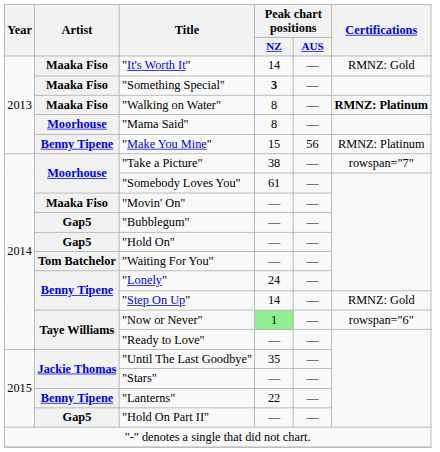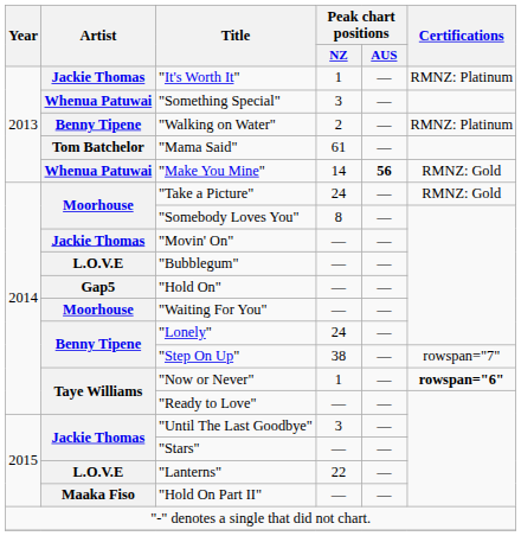 <table class="wikitable plainrowheaders" style="text-align:center;">
 <tr>
 <th scope="col" rowspan="2">Year</th>
 <th scope="col" rowspan="2">Artist</th>
 <th scope="col" rowspan="2">Title</th>
 <th scope="col" colspan="2">Peak chart positions</th>
 <th scope="col" rowspan="2"><a href='#'>Certifications</a></th>
 </tr>
 <tr>
 <th scope="col" style="width:3em;font-size:90%;"><a href='#'>NZ</a><br></th>
 <th scope="col" style="width:3em;font-size:90%;"><a href='#'>AUS</a><br></th>
 </tr>
 <tr>
 <td rowspan="5">2013</td>
-<th scope="row">Maaka Fiso</th>
+<th scope="row"><a href='#'>Jackie Thomas</a></th>
 <td style="text-align:left;">"<a href='#'>It's Worth It</a>"</td>
-<td>14</td>
+<td>1</td>
 <td align="center">—</td>
-<td>RMNZ: Gold</td>
+<td>RMNZ: Platinum</td>
 </tr>
 <tr>
-<th scope="row">Maaka Fiso</th>
+<th scope="row"><a href='#'>Whenua Patuwai</a></th>
 <td style="text-align:left;">"Something Special"</td>
-<td><strong>3</strong></td>
-<td align="center">—</td>
-<td></td>
-</tr>
-<tr>
-<th scope="row">Maaka Fiso</th>
-<td style="text-align:left;">"Walking on Water"</td>
-<td>8</td>
-<td align="center">—</td>
-<td><strong>RMNZ: Platinum</strong></td>
-</tr>
-<tr>
-<th scope="row"><a href='#'>Moorhouse</a></th>
-<td style="text-align:left;">"Mama Said"</td>
-<td>8</td>
+<td>3</td>
 <td align="center">—</td>
 <td></td>
 </tr>
 <tr>
 <th scope="row"><a href='#'>Benny Tipene</a></th>
+<td style="text-align:left;">"Walking on Water"</td>
+<td>2</td>
+<td align="center">—</td>
+<td>RMNZ: Platinum</td>
+</tr>
+<tr>
+<th scope="row">Tom Batchelor</th>
+<td style="text-align:left;">"Mama Said"</td>
+<td align="center">61</td>
+<td align="center">—</td>
+<td></td>
+</tr>
+<tr>
+<th scope="row"><a href='#'>Whenua Patuwai</a></th>
 <td style="text-align:left;">"<a href='#'>Make You Mine</a>"</td>
-<td>15</td>
-<td>56</td>
-<td>RMNZ: Platinum</td>
+<td>14</td>
+<td><strong>56</strong></td>
+<td>RMNZ: Gold</td>
 </tr>
 <tr>
 <td rowspan="10">2014</td>
 <th scope="row" rowspan="2"><a href='#'>Moorhouse</a></th>
 <td style="text-align:left;">"Take a Picture"</td>
-<td align="center">38</td>
+<td>24</td>
 <td align="center">—</td>
-<td>rowspan="7" </td>
+<td>RMNZ: Gold</td>
 </tr>
 <tr>
 <td style="text-align:left;">"Somebody Loves You"</td>
-<td align="center">61</td>
+<td>8</td>
 <td align="center">—</td>
 </tr>
 <tr>
-<th scope="row">Maaka Fiso</th>
+<th scope="row"><a href='#'>Jackie Thomas</a></th>
 <td style="text-align:left;">"Movin' On"</td>
 <td align="center">—</td>
 <td align="center">—</td>
 </tr>
 <tr>
-<th scope="row">Gap5</th>
+<th scope="row">L.O.V.E</th>
 <td style="text-align:left;">"Bubblegum"</td>
 <td align="center">—</td>
 <td align="center">—</td>
 </tr>
 <tr>
 <th scope="row">Gap5</th>
 <td style="text-align:left;">"Hold On"</td>
 <td align="center">—</td>
 <td align="center">—</td>
 </tr>
 <tr>
-<th scope="row">Tom Batchelor</th>
+<th scope="row"><a href='#'>Moorhouse</a></th>
 <td style="text-align:left;">"Waiting For You"</td>
 <td align="center">—</td>
 <td align="center">—</td>
 </tr>
 <tr>
 <th scope="row" rowspan="2"><a href='#'>Benny Tipene</a></th>
 <td style="text-align:left;">"<a href='#'>Lonely</a>"</td>
 <td>24</td>
 <td align="center">—</td>
 </tr>
 <tr>
 <td style="text-align:left;">"<a href='#'>Step On Up</a>"</td>
-<td>14</td>
+<td align="center">38</td>
 <td align="center">—</td>
-<td>RMNZ: Gold</td>
+<td>rowspan="7" </td>
 </tr>
 <tr>
 <th scope="row" rowspan="2">Taye Williams</th>
 <td style="text-align:left;">"Now or Never"</td>
-<td align="center" style="background: lightgreen;">1</td>
+<td align="center">1</td>
 <td align="center">—</td>
-<td>rowspan="6" </td>
+<td><strong>rowspan="6" </strong></td>
 </tr>
 <tr>
 <td style="text-align:left;">"Ready to Love"</td>
 <td align="center">—</td>
 <td align="center">—</td>
 </tr>
 <tr>
 <td rowspan="4">2015</td>
 <th scope="row" rowspan="2"><a href='#'>Jackie Thomas</a></th>
 <td style="text-align:left;">"Until The Last Goodbye"</td>
-<td>35</td>
+<td>3</td>
 <td align="center">—</td>
 </tr>
 <tr>
 <td style="text-align:left;">"Stars"</td>
 <td>—</td>
 <td align="center">—</td>
 </tr>
 <tr>
-<th scope="row"><a href='#'>Benny Tipene</a></th>
+<th scope="row">L.O.V.E</th>
 <td style="text-align:left;">"Lanterns"</td>
 <td align="center">22</td>
 <td align="center">—</td>
 </tr>
 <tr>
-<th scope="row">Gap5</th>
+<th scope="row">Maaka Fiso</th>
 <td style="text-align:left;">"Hold On Part II"</td>
 <td align="center">—</td>
 <td align="center">—</td>
 </tr>
 <tr>
 <td colspan="7" style="font-size90%" align="center">"-" denotes a single that did not chart.</td>
 </tr>
 <tr>
 </tr>
 </table>
